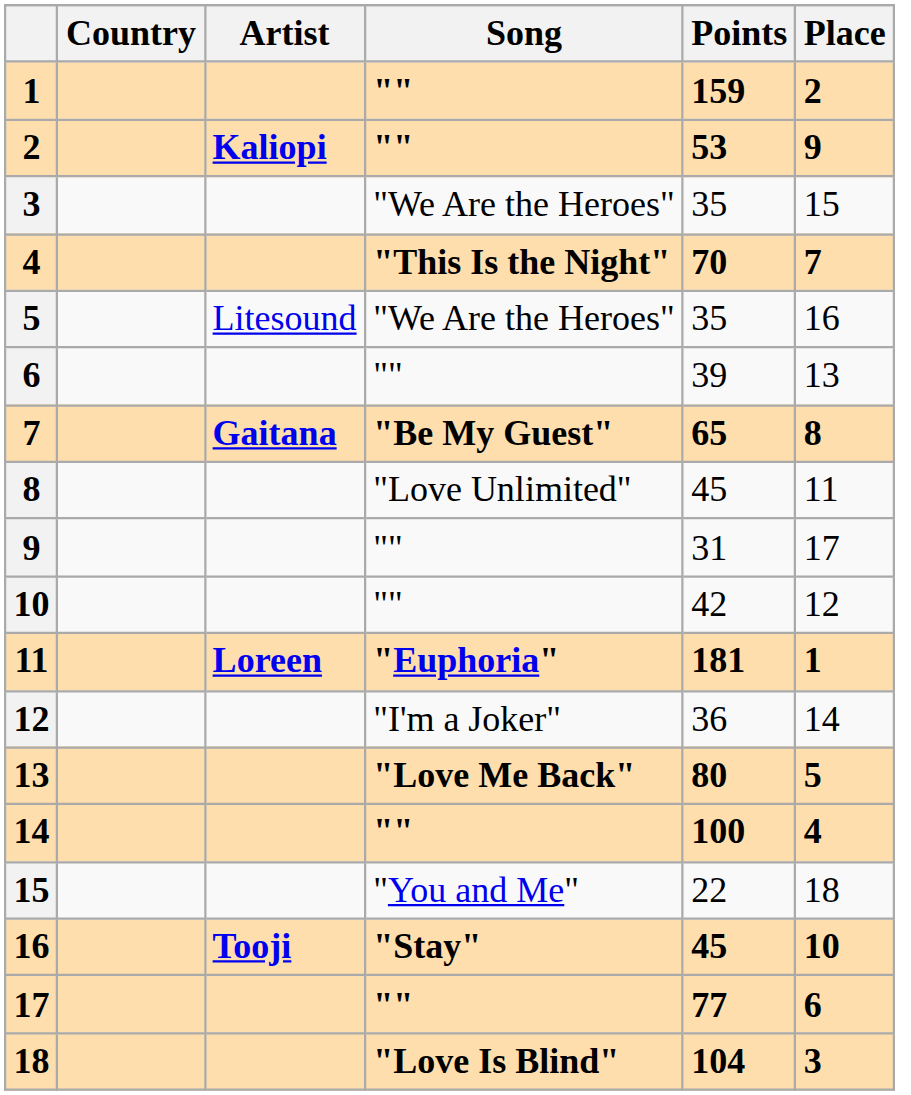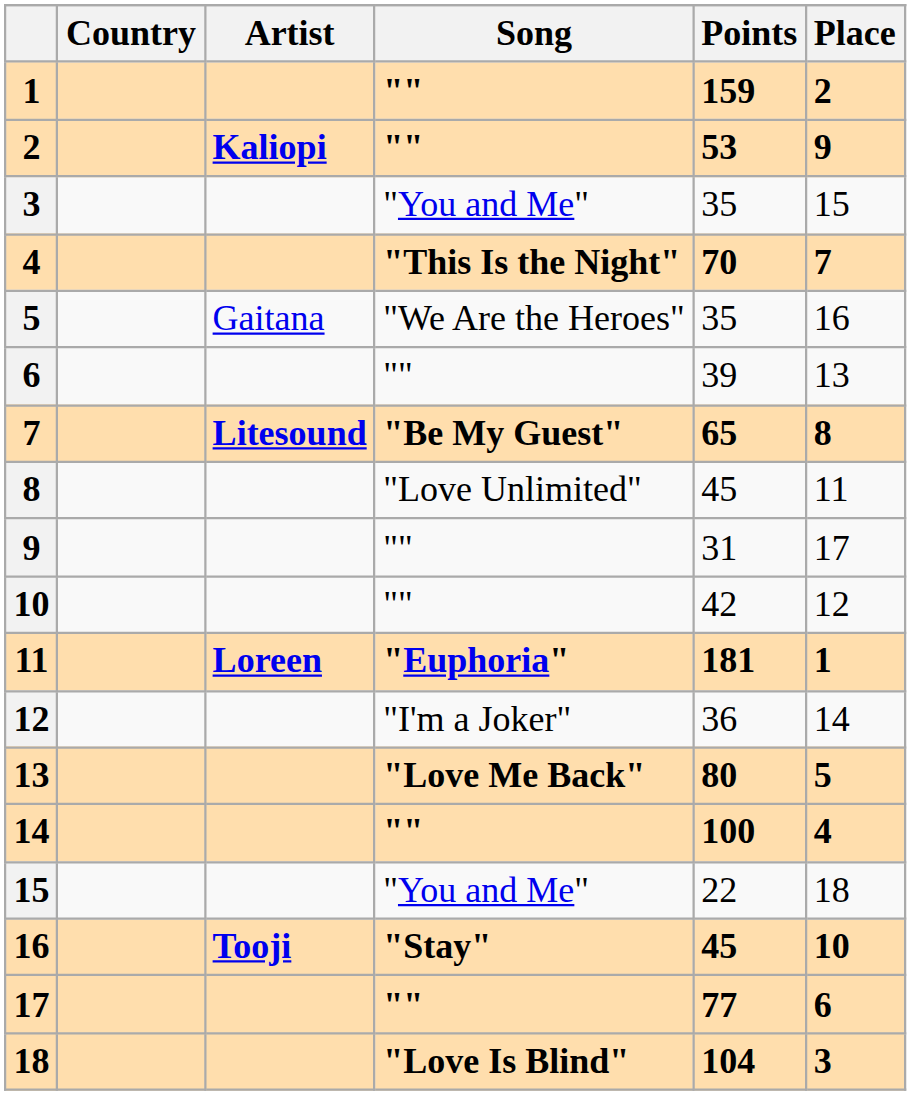 <table class="sortable wikitable plainrowheaders">
 <tr>
 </tr>
 <tr>
 <th scope="col"></th>
 <th scope="col">Country</th>
 <th scope="col">Artist</th>
 <th scope="col">Song</th>
 <th scope="col">Points</th>
 <th scope="col">Place</th>
 </tr>
 <tr style="font-weight:bold; background:navajowhite;">
 <th scope="row" style="text-align:center; font-weight:bold; background:navajowhite;">1</th>
 <td></td>
 <td></td>
 <td>""</td>
 <td>159</td>
 <td>2</td>
 </tr>
 <tr style="font-weight:bold; background:navajowhite;">
 <th scope="row" style="text-align:center; font-weight:bold; background:navajowhite;">2</th>
 <td></td>
 <td><a href='#'>Kaliopi</a></td>
 <td>""</td>
 <td>53</td>
 <td>9</td>
 </tr>
 <tr>
 <th scope="row" style="text-align:center;">3</th>
 <td></td>
 <td></td>
-<td>"We Are the Heroes"</td>
+<td>"<a href='#'>You and Me</a>"</td>
 <td>35</td>
 <td>15</td>
 </tr>
 <tr style="font-weight:bold; background:navajowhite;">
 <th scope="row" style="text-align:center; font-weight:bold; background:navajowhite;">4</th>
 <td></td>
 <td></td>
 <td>"This Is the Night"</td>
 <td>70</td>
 <td>7</td>
 </tr>
 <tr>
 <th scope="row" style="text-align:center;">5</th>
 <td></td>
-<td><a href='#'>Litesound</a></td>
+<td><a href='#'>Gaitana</a></td>
 <td>"We Are the Heroes"</td>
 <td>35</td>
 <td>16</td>
 </tr>
 <tr>
 <th scope="row" style="text-align:center;">6</th>
 <td></td>
 <td></td>
 <td>""</td>
 <td>39</td>
 <td>13</td>
 </tr>
 <tr style="font-weight:bold; background:navajowhite;">
 <th scope="row" style="text-align:center; font-weight:bold; background:navajowhite;">7</th>
 <td></td>
-<td><a href='#'>Gaitana</a></td>
+<td><a href='#'>Litesound</a></td>
 <td>"Be My Guest"</td>
 <td>65</td>
 <td>8</td>
 </tr>
 <tr>
 <th scope="row" style="text-align:center;">8</th>
 <td></td>
 <td></td>
 <td>"Love Unlimited"</td>
 <td>45</td>
 <td>11</td>
 </tr>
 <tr>
 <th scope="row" style="text-align:center;">9</th>
 <td></td>
 <td></td>
 <td>""</td>
 <td>31</td>
 <td>17</td>
 </tr>
 <tr>
 <th scope="row" style="text-align:center;">10</th>
 <td></td>
 <td></td>
 <td>""</td>
 <td>42</td>
 <td>12</td>
 </tr>
 <tr style="font-weight:bold; background:navajowhite;">
 <th scope="row" style="text-align:center; font-weight:bold; background:navajowhite;">11</th>
 <td></td>
 <td><a href='#'>Loreen</a></td>
 <td>"<a href='#'>Euphoria</a>"</td>
 <td>181</td>
 <td>1</td>
 </tr>
 <tr>
 <th scope="row" style="text-align:center;">12</th>
 <td></td>
 <td></td>
 <td>"I'm a Joker"</td>
 <td>36</td>
 <td>14</td>
 </tr>
 <tr style="font-weight:bold; background:navajowhite;">
 <th scope="row" style="text-align:center; font-weight:bold; background:navajowhite;">13</th>
 <td></td>
 <td></td>
 <td>"Love Me Back"</td>
 <td>80</td>
 <td>5</td>
 </tr>
 <tr style="font-weight:bold; background:navajowhite;">
 <th scope="row" style="text-align:center; font-weight:bold; background:navajowhite;">14</th>
 <td></td>
 <td></td>
 <td>""</td>
 <td>100</td>
 <td>4</td>
 </tr>
 <tr>
 <th scope="row" style="text-align:center;">15</th>
 <td></td>
 <td></td>
 <td>"<a href='#'>You and Me</a>"</td>
 <td>22</td>
 <td>18</td>
 </tr>
 <tr style="font-weight:bold; background:navajowhite;">
 <th scope="row" style="text-align:center; font-weight:bold; background:navajowhite;">16</th>
 <td></td>
 <td><a href='#'>Tooji</a></td>
 <td>"Stay"</td>
 <td>45</td>
 <td>10</td>
 </tr>
 <tr style="font-weight:bold; background:navajowhite;">
 <th scope="row" style="text-align:center; font-weight:bold; background:navajowhite;">17</th>
 <td></td>
 <td></td>
 <td>""</td>
 <td>77</td>
 <td>6</td>
 </tr>
 <tr style="font-weight:bold; background:navajowhite;">
 <th scope="row" style="text-align:center; font-weight:bold; background:navajowhite;">18</th>
 <td></td>
 <td></td>
 <td>"Love Is Blind"</td>
 <td>104</td>
 <td>3</td>
 </tr>
 </table>
